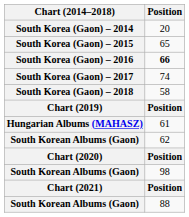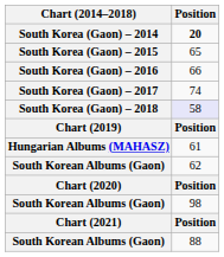 <table class="wikitable sortable plainrowheaders" style="text-align:center">
 <tr>
 <th>Chart (2014–2018)</th>
 <th>Position</th>
 </tr>
 <tr>
 <th scope="row">South Korea (Gaon) – 2014</th>
-<td>20</td>
+<td><strong>20</strong></td>
 </tr>
 <tr>
 <th scope="row">South Korea (Gaon) – 2015</th>
 <td>65</td>
 </tr>
 <tr>
 <th scope="row">South Korea (Gaon) – 2016</th>
-<td><strong>66</strong></td>
+<td>66</td>
 </tr>
 <tr>
 <th scope="row">South Korea (Gaon) – 2017</th>
 <td>74</td>
 </tr>
 <tr>
 <th scope="row">South Korea (Gaon) – 2018</th>
-<td>58</td>
+<td style="background: lavender;">58</td>
 </tr>
 <tr>
 <th>Chart (2019)</th>
 <th>Position</th>
 </tr>
 <tr>
 <th scope="row">Hungarian Albums <a href='#'>(MAHASZ)</a></th>
 <td>61</td>
 </tr>
 <tr>
 <th scope="row">South Korean Albums (Gaon)</th>
 <td>62</td>
 </tr>
 <tr>
 <th>Chart (2020)</th>
 <th>Position</th>
 </tr>
 <tr>
 <th scope="row">South Korean Albums (Gaon)</th>
 <td>98</td>
 </tr>
 <tr>
 <th>Chart (2021)</th>
 <th colspan="2">Position</th>
 </tr>
 <tr>
 <th scope="row">South Korean Albums (Gaon)</th>
 <td>88</td>
 </tr>
 </table>
